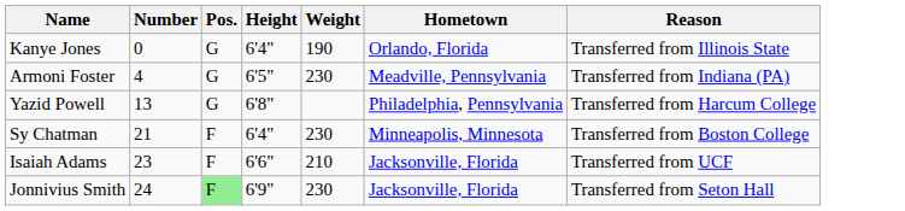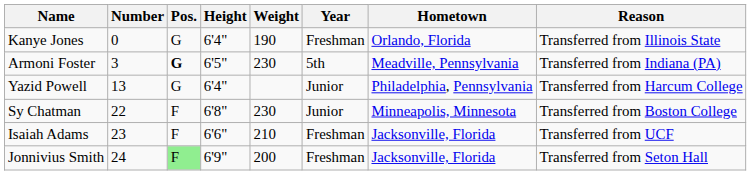 <table class="wikitable sortable" border="1">
 <tr align=center>
 <th>Name</th>
 <th>Number</th>
 <th>Pos.</th>
 <th>Height</th>
 <th>Weight</th>
+<th>Year</th>
 <th>Hometown</th>
 <th>Reason</th>
 </tr>
 <tr>
 <td>Kanye Jones</td>
 <td>0</td>
 <td>G</td>
 <td>6'4"</td>
 <td>190</td>
+<td>Freshman</td>
 <td><a href='#'>Orlando, Florida</a></td>
 <td>Transferred from <a href='#'>Illinois State</a></td>
 </tr>
 <tr>
 <td>Armoni Foster</td>
-<td>4</td>
-<td>G</td>
+<td>3</td>
+<td><strong>G</strong></td>
 <td>6'5"</td>
 <td>230</td>
+<td>5th</td>
 <td><a href='#'>Meadville, Pennsylvania</a></td>
 <td>Transferred from <a href='#'>Indiana (PA)</a></td>
 </tr>
 <tr>
 <td>Yazid Powell</td>
 <td>13</td>
 <td>G</td>
-<td>6'8"</td>
+<td>6'4"</td>
 <td></td>
+<td>Junior</td>
 <td><a href='#'>Philadelphia</a>, <a href='#'>Pennsylvania</a></td>
 <td>Transferred from <a href='#'>Harcum College</a></td>
 </tr>
 <tr>
 <td>Sy Chatman</td>
-<td>21</td>
+<td>22</td>
 <td>F</td>
-<td>6'4"</td>
+<td>6'8"</td>
 <td>230</td>
+<td>Junior</td>
 <td><a href='#'>Minneapolis, Minnesota</a></td>
 <td>Transferred from <a href='#'>Boston College</a></td>
 </tr>
 <tr>
 <td>Isaiah Adams</td>
 <td>23</td>
 <td>F</td>
 <td>6'6"</td>
 <td>210</td>
+<td>Freshman</td>
 <td><a href='#'>Jacksonville, Florida</a></td>
 <td>Transferred from <a href='#'>UCF</a></td>
 </tr>
 <tr>
 <td>Jonnivius Smith</td>
 <td>24</td>
 <td style="background: lightgreen;">F</td>
 <td>6'9"</td>
-<td>230</td>
+<td>200</td>
+<td>Freshman</td>
 <td><a href='#'>Jacksonville, Florida</a></td>
 <td>Transferred from <a href='#'>Seton Hall</a></td>
 </tr>
 </table>
